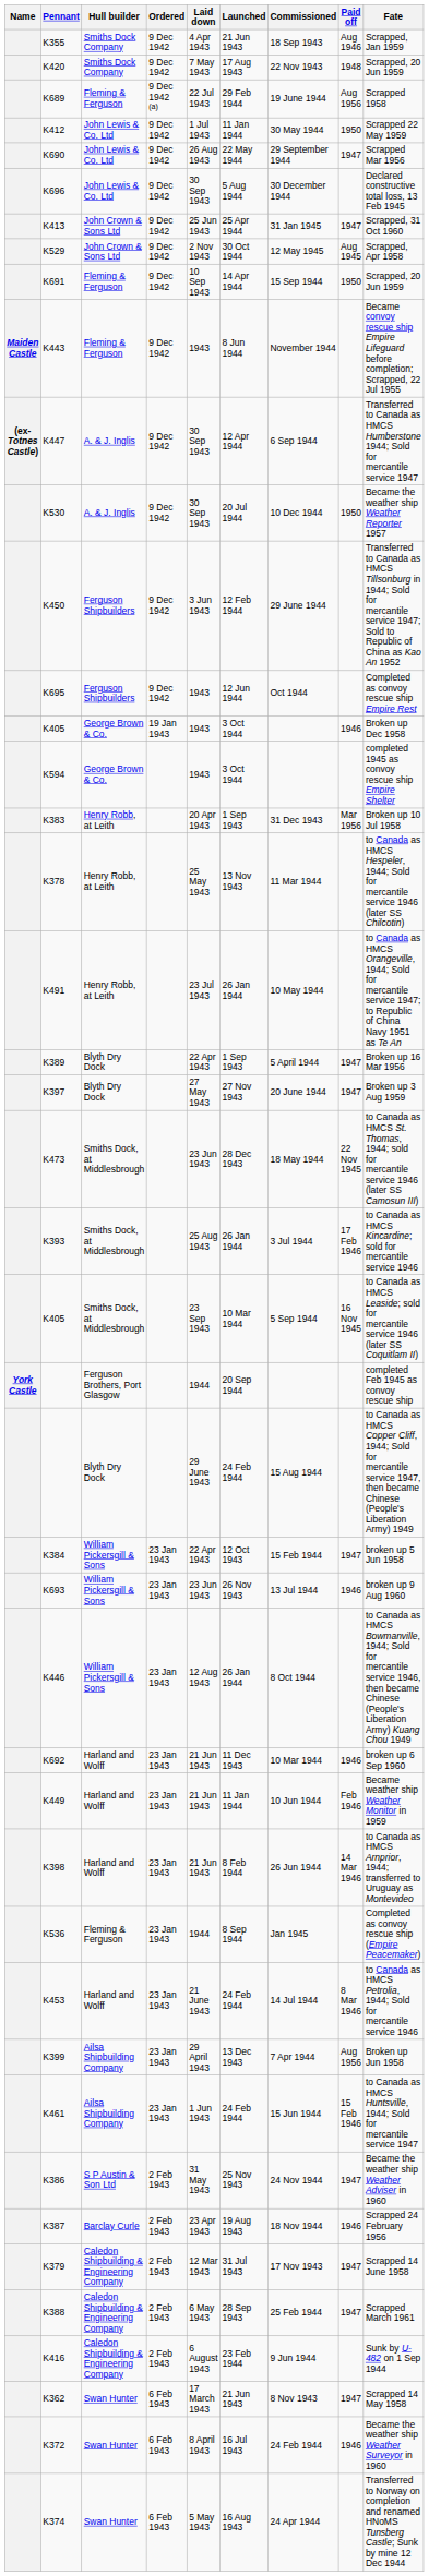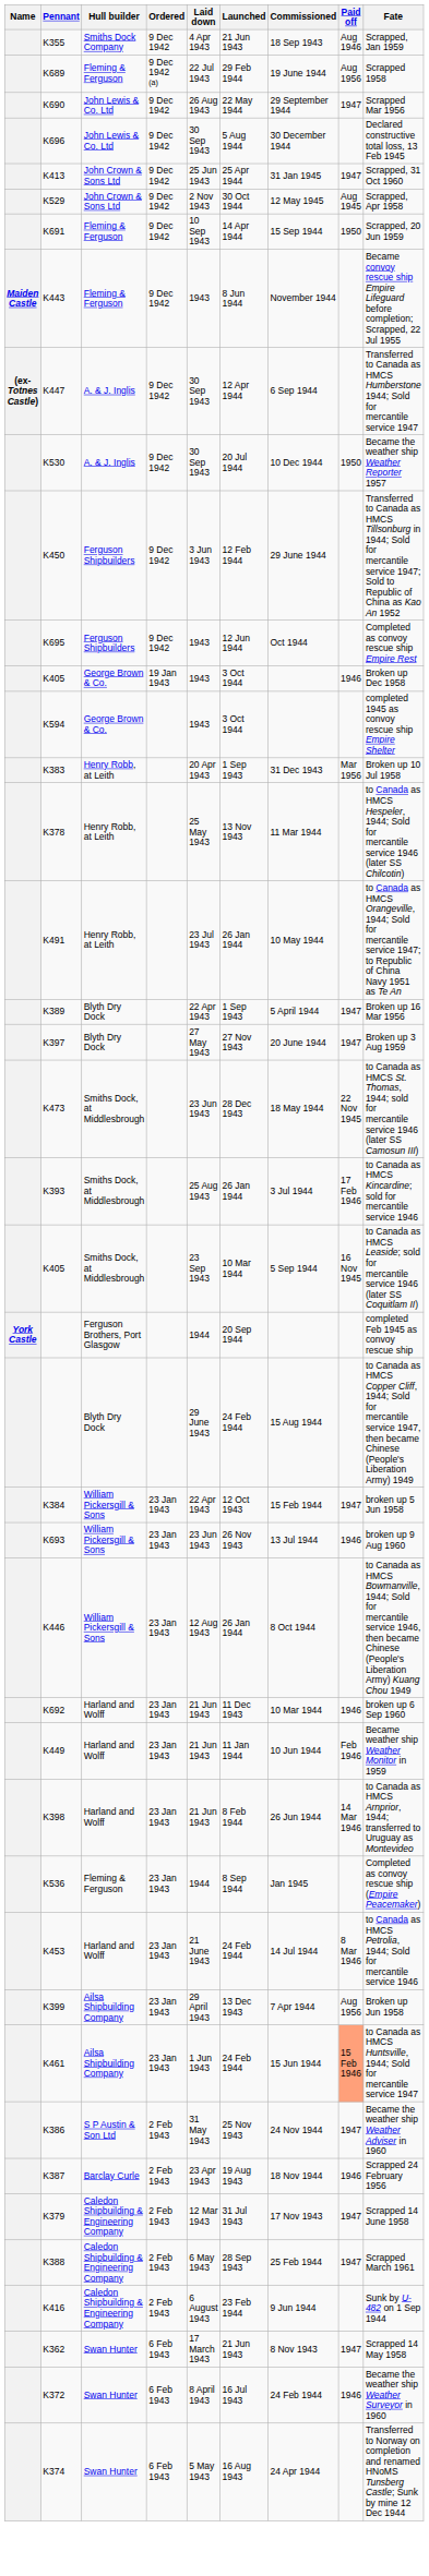 <table class="wikitable sortable plainrowheaders">
 <tr>
 <th scope="col">Name</th>
 <th scope="col"><a href='#'>Pennant</a></th>
 <th scope="col">Hull builder</th>
 <th scope="col">Ordered</th>
 <th scope="col">Laid down</th>
 <th scope="col">Launched</th>
 <th scope="col">Commissioned</th>
 <th scope="col"><a href='#'>Paid off</a></th>
 <th scope="col">Fate</th>
 </tr>
 <tr>
 <th scope="row"></th>
 <td>K355</td>
 <td><a href='#'>Smiths Dock Company</a></td>
 <td>9 Dec 1942</td>
 <td>4 Apr 1943</td>
 <td>21 Jun 1943</td>
 <td>18 Sep 1943</td>
 <td>Aug 1946</td>
 <td>Scrapped, Jan 1959</td>
 </tr>
 <tr>
 <th scope="row"></th>
-<td>K420</td>
-<td><a href='#'>Smiths Dock Company</a></td>
-<td>9 Dec 1942</td>
-<td>7 May 1943</td>
-<td>17 Aug 1943</td>
-<td>22 Nov 1943</td>
-<td>1948</td>
-<td>Scrapped, 20 Jun 1959</td>
-</tr>
-<tr>
-<th scope="row"></th>
 <td>K689</td>
 <td><a href='#'>Fleming & Ferguson</a></td>
 <td>9 Dec 1942<br><sup>(a)</sup></td>
 <td>22 Jul 1943</td>
 <td>29 Feb 1944</td>
 <td>19 June 1944</td>
 <td>Aug 1956</td>
 <td>Scrapped 1958</td>
-</tr>
-<tr>
-<th scope="row"></th>
-<td>K412</td>
-<td><a href='#'>John Lewis & Co. Ltd</a></td>
-<td>9 Dec 1942</td>
-<td>1 Jul 1943</td>
-<td>11 Jan 1944</td>
-<td>30 May 1944</td>
-<td>1950</td>
-<td>Scrapped 22 May 1959</td>
 </tr>
 <tr>
 <th scope="row"></th>
 <td>K690</td>
 <td><a href='#'>John Lewis & Co. Ltd</a></td>
 <td>9 Dec 1942</td>
 <td>26 Aug 1943</td>
 <td>22 May 1944</td>
 <td>29 September 1944</td>
 <td>1947</td>
 <td>Scrapped Mar 1956</td>
 </tr>
 <tr>
 <th scope="row"></th>
 <td>K696</td>
 <td><a href='#'>John Lewis & Co. Ltd</a></td>
 <td>9 Dec 1942</td>
 <td>30 Sep 1943</td>
 <td>5 Aug 1944</td>
 <td>30 December 1944</td>
 <td></td>
 <td>Declared constructive total loss, 13 Feb 1945</td>
 </tr>
 <tr>
 <th scope="row"></th>
 <td>K413</td>
 <td><a href='#'>John Crown & Sons Ltd</a></td>
 <td>9 Dec 1942</td>
 <td>25 Jun 1943</td>
 <td>25 Apr 1944</td>
 <td>31 Jan 1945</td>
 <td>1947</td>
 <td>Scrapped, 31 Oct 1960</td>
 </tr>
 <tr>
 <th scope="row"></th>
 <td>K529</td>
 <td><a href='#'>John Crown & Sons Ltd</a></td>
 <td>9 Dec 1942</td>
 <td>2 Nov 1943</td>
 <td>30 Oct 1944</td>
 <td>12 May 1945</td>
 <td>Aug 1945</td>
 <td>Scrapped, Apr 1958</td>
 </tr>
 <tr>
 <th scope="row"></th>
 <td>K691</td>
 <td><a href='#'>Fleming & Ferguson</a></td>
 <td>9 Dec 1942</td>
 <td>10 Sep 1943</td>
 <td>14 Apr 1944</td>
 <td>15 Sep 1944</td>
 <td>1950</td>
 <td>Scrapped, 20 Jun 1959</td>
 </tr>
 <tr>
 <th scope="row"><em><a href='#'>Maiden Castle</a></em></th>
 <td>K443</td>
 <td><a href='#'>Fleming & Ferguson</a></td>
 <td>9 Dec 1942</td>
 <td>1943</td>
 <td>8 Jun 1944</td>
 <td>November 1944</td>
 <td></td>
 <td>Became <a href='#'>convoy rescue ship</a> <em>Empire Lifeguard</em> before completion; Scrapped, 22 Jul 1955</td>
 </tr>
 <tr>
 <th scope="row"> (ex-<em>Totnes Castle</em>)</th>
 <td>K447</td>
 <td><a href='#'>A. & J. Inglis</a></td>
 <td>9 Dec 1942</td>
 <td>30 Sep 1943</td>
 <td>12 Apr 1944</td>
 <td>6 Sep 1944</td>
 <td></td>
 <td>Transferred to Canada as HMCS <em>Humberstone</em> 1944; Sold for mercantile service 1947</td>
 </tr>
 <tr>
 <th scope="row"></th>
 <td>K530</td>
 <td><a href='#'>A. & J. Inglis</a></td>
 <td>9 Dec 1942</td>
 <td>30 Sep 1943</td>
 <td>20 Jul 1944</td>
 <td>10 Dec 1944</td>
 <td>1950</td>
 <td>Became the weather ship <em><a href='#'>Weather Reporter</a></em> 1957</td>
 </tr>
 <tr>
 <th scope="row"></th>
 <td>K450</td>
 <td><a href='#'>Ferguson Shipbuilders</a></td>
 <td>9 Dec 1942</td>
 <td>3 Jun 1943</td>
 <td>12 Feb 1944</td>
 <td>29 June 1944</td>
 <td></td>
 <td>Transferred to Canada as HMCS <em>Tillsonburg</em> in 1944; Sold for mercantile service 1947; Sold to Republic of China as <em>Kao An</em> 1952</td>
 </tr>
 <tr>
 <th scope="row"></th>
 <td>K695</td>
 <td><a href='#'>Ferguson Shipbuilders</a></td>
 <td>9 Dec 1942</td>
 <td>1943</td>
 <td>12 Jun 1944</td>
 <td>Oct 1944</td>
 <td></td>
 <td>Completed as convoy rescue ship <em><a href='#'>Empire Rest</a></em></td>
 </tr>
 <tr>
 <th scope="row"></th>
 <td>K405</td>
 <td><a href='#'>George Brown & Co.</a></td>
 <td>19 Jan 1943</td>
 <td>1943</td>
 <td>3 Oct 1944</td>
 <td></td>
 <td>1946</td>
 <td>Broken up Dec 1958</td>
 </tr>
 <tr>
 <th scope="row"></th>
 <td>K594</td>
 <td><a href='#'>George Brown & Co.</a></td>
 <td></td>
 <td>1943</td>
 <td>3 Oct 1944</td>
 <td></td>
 <td></td>
 <td>completed 1945 as convoy rescue ship <em><a href='#'>Empire Shelter</a></em></td>
 </tr>
 <tr>
 <th scope="row"></th>
 <td>K383</td>
 <td><a href='#'>Henry Robb</a>, at Leith</td>
 <td></td>
 <td>20 Apr 1943</td>
 <td>1 Sep 1943</td>
 <td>31 Dec 1943</td>
 <td>Mar 1956</td>
 <td>Broken up 10 Jul 1958</td>
 </tr>
 <tr>
 <th scope="row"></th>
 <td>K378</td>
 <td>Henry Robb, at Leith</td>
 <td></td>
 <td>25 May 1943</td>
 <td>13 Nov 1943</td>
 <td>11 Mar 1944</td>
 <td></td>
 <td>to <a href='#'>Canada</a> as HMCS <em>Hespeler</em>, 1944; Sold for mercantile service 1946 (later SS <em>Chilcotin</em>)</td>
 </tr>
 <tr>
 <th scope="row"></th>
 <td>K491</td>
 <td>Henry Robb, at Leith</td>
 <td></td>
 <td>23 Jul 1943</td>
 <td>26 Jan 1944</td>
 <td>10 May 1944</td>
 <td></td>
 <td>to <a href='#'>Canada</a> as HMCS <em>Orangeville</em>, 1944; Sold for mercantile service 1947; to Republic of China Navy 1951 as <em>Te An</em></td>
 </tr>
 <tr>
 <th scope="row"></th>
 <td>K389</td>
 <td>Blyth Dry Dock</td>
 <td></td>
 <td>22 Apr 1943</td>
 <td>1 Sep 1943</td>
 <td>5 April 1944</td>
 <td>1947</td>
 <td>Broken up 16 Mar 1956</td>
 </tr>
 <tr>
 <th scope="row"></th>
 <td>K397</td>
 <td>Blyth Dry Dock</td>
 <td></td>
 <td>27 May 1943</td>
 <td>27 Nov 1943</td>
 <td>20 June 1944</td>
 <td>1947</td>
 <td>Broken up 3 Aug 1959</td>
 </tr>
 <tr>
 <th scope="row"></th>
 <td>K473</td>
 <td>Smiths Dock, at Middlesbrough</td>
 <td></td>
 <td>23 Jun 1943</td>
 <td>28 Dec 1943</td>
 <td>18 May 1944</td>
 <td>22 Nov 1945</td>
 <td>to Canada as HMCS <em>St. Thomas</em>, 1944; sold for mercantile service 1946 (later SS <em>Camosun III</em>)</td>
 </tr>
 <tr>
 <th scope="row"></th>
 <td>K393</td>
 <td>Smiths Dock, at Middlesbrough</td>
 <td></td>
 <td>25 Aug 1943</td>
 <td>26 Jan 1944</td>
 <td>3 Jul 1944</td>
 <td>17 Feb 1946</td>
 <td>to Canada as HMCS <em>Kincardine</em>; sold for mercantile service 1946</td>
 </tr>
 <tr>
 <th scope="row"></th>
 <td>K405</td>
 <td>Smiths Dock, at Middlesbrough</td>
 <td></td>
 <td>23 Sep 1943</td>
 <td>10 Mar 1944</td>
 <td>5 Sep 1944</td>
 <td>16 Nov 1945</td>
 <td>to Canada as HMCS <em>Leaside</em>; sold for mercantile service 1946 (later SS <em>Coquitlam II</em>)</td>
 </tr>
 <tr>
 <th scope="row"><a href='#'><em>York Castle</em></a></th>
 <td></td>
 <td>Ferguson Brothers, Port Glasgow</td>
 <td></td>
 <td>1944</td>
 <td>20 Sep 1944</td>
 <td></td>
 <td></td>
 <td>completed Feb 1945 as convoy rescue ship </td>
 </tr>
 <tr>
 <th scope="row"></th>
 <td></td>
 <td>Blyth Dry Dock</td>
 <td></td>
 <td>29 June 1943</td>
 <td>24 Feb 1944</td>
 <td>15 Aug 1944</td>
 <td></td>
 <td>to Canada as HMCS <em>Copper Cliff</em>, 1944; Sold for mercantile service 1947, then became Chinese (People's Liberation Army) 1949</td>
 </tr>
 <tr>
 <th scope="row"></th>
 <td>K384</td>
 <td><a href='#'>William Pickersgill & Sons</a></td>
 <td>23 Jan 1943</td>
 <td>22 Apr 1943</td>
 <td>12 Oct 1943</td>
 <td>15 Feb 1944</td>
 <td>1947</td>
 <td>broken up 5 Jun 1958</td>
 </tr>
 <tr>
 <th scope="row"></th>
 <td>K693</td>
 <td><a href='#'>William Pickersgill & Sons</a></td>
 <td>23 Jan 1943</td>
 <td>23 Jun 1943</td>
 <td>26 Nov 1943</td>
 <td>13 Jul 1944</td>
 <td>1946</td>
 <td>broken up 9 Aug 1960</td>
 </tr>
 <tr>
 <th scope="row"></th>
 <td>K446</td>
 <td><a href='#'>William Pickersgill & Sons</a></td>
 <td>23 Jan 1943</td>
 <td>12 Aug 1943</td>
 <td>26 Jan 1944</td>
 <td>8 Oct 1944</td>
 <td></td>
 <td>to Canada as HMCS <em>Bowmanville</em>, 1944; Sold for mercantile service 1946, then became Chinese (People's Liberation Army) <em>Kuang Chou</em> 1949</td>
 </tr>
 <tr>
 <th scope="row"></th>
 <td>K692</td>
 <td>Harland and Wolff</td>
 <td>23 Jan 1943</td>
 <td>21 Jun 1943</td>
 <td>11 Dec 1943</td>
 <td>10 Mar 1944</td>
 <td>1946</td>
 <td>broken up 6 Sep 1960</td>
 </tr>
 <tr>
 <th scope="row"></th>
 <td>K449</td>
 <td>Harland and Wolff</td>
 <td>23 Jan 1943</td>
 <td>21 Jun 1943</td>
 <td>11 Jan 1944</td>
 <td>10 Jun 1944</td>
 <td>Feb 1946</td>
 <td>Became weather ship <em><a href='#'>Weather Monitor</a></em> in 1959</td>
 </tr>
 <tr>
 <th scope="row"></th>
 <td>K398</td>
 <td>Harland and Wolff</td>
 <td>23 Jan 1943</td>
 <td>21 Jun 1943</td>
 <td>8 Feb 1944</td>
 <td>26 Jun 1944</td>
 <td>14 Mar 1946</td>
 <td>to Canada as HMCS <em>Arnprior</em>, 1944; transferred to Uruguay as <em>Montevideo</em></td>
 </tr>
 <tr>
 <th scope="row"></th>
 <td>K536</td>
 <td>Fleming & Ferguson</td>
 <td>23 Jan 1943</td>
 <td>1944</td>
 <td>8 Sep 1944</td>
 <td>Jan 1945</td>
 <td></td>
 <td>Completed as convoy rescue ship (<em><a href='#'>Empire Peacemaker</a></em>)</td>
 </tr>
 <tr>
 <th scope="row"></th>
 <td>K453</td>
 <td>Harland and Wolff</td>
 <td>23 Jan 1943</td>
 <td>21 June 1943</td>
 <td>24 Feb 1944</td>
 <td>14 Jul 1944</td>
 <td>8 Mar 1946</td>
 <td>to <a href='#'>Canada</a> as HMCS <em>Petrolia</em>, 1944; Sold for mercantile service 1946</td>
 </tr>
 <tr>
 <th scope="row"></th>
 <td>K399</td>
 <td><a href='#'>Ailsa Shipbuilding Company</a></td>
 <td>23 Jan 1943</td>
 <td>29 April 1943</td>
 <td>13 Dec 1943</td>
 <td>7 Apr 1944</td>
 <td>Aug 1956</td>
 <td>Broken up Jun 1958</td>
 </tr>
 <tr>
 <th scope="row"></th>
 <td>K461</td>
 <td><a href='#'>Ailsa Shipbuilding Company</a></td>
 <td>23 Jan 1943</td>
 <td>1 Jun 1943</td>
 <td>24 Feb 1944</td>
 <td>15 Jun 1944</td>
-<td>15 Feb 1946</td>
+<td style="background: lightsalmon;">15 Feb 1946</td>
 <td>to Canada as HMCS <em>Huntsville</em>, 1944; Sold for mercantile service 1947</td>
 </tr>
 <tr>
 <th scope="row"></th>
 <td>K386</td>
 <td><a href='#'>S P Austin & Son Ltd</a></td>
 <td>2 Feb 1943</td>
 <td>31 May 1943</td>
 <td>25 Nov 1943</td>
 <td>24 Nov 1944</td>
 <td>1947</td>
 <td>Became the weather ship <em><a href='#'>Weather Adviser</a></em> in 1960</td>
 </tr>
 <tr>
 <th scope="row"></th>
 <td>K387</td>
 <td><a href='#'>Barclay Curle</a></td>
 <td>2 Feb 1943</td>
 <td>23 Apr 1943</td>
 <td>19 Aug 1943</td>
 <td>18 Nov 1944</td>
 <td>1946</td>
 <td>Scrapped 24 February 1956</td>
 </tr>
 <tr>
 <th scope="row"></th>
 <td>K379</td>
 <td><a href='#'>Caledon Shipbuilding & Engineering Company</a></td>
 <td>2 Feb 1943</td>
 <td>12 Mar 1943</td>
 <td>31 Jul 1943</td>
 <td>17 Nov 1943</td>
 <td>1947</td>
 <td>Scrapped 14 June 1958</td>
 </tr>
 <tr>
 <th scope="row"></th>
 <td>K388</td>
 <td><a href='#'>Caledon Shipbuilding & Engineering Company</a></td>
 <td>2 Feb 1943</td>
 <td>6 May 1943</td>
 <td>28 Sep 1943</td>
 <td>25 Feb 1944</td>
 <td>1947</td>
 <td>Scrapped March 1961</td>
 </tr>
 <tr>
 <th scope="row"></th>
 <td>K416</td>
 <td><a href='#'>Caledon Shipbuilding & Engineering Company</a></td>
 <td>2 Feb 1943</td>
 <td>6 August 1943</td>
 <td>23 Feb 1944</td>
 <td>9 Jun 1944</td>
 <td></td>
 <td>Sunk by <a href='#'><em>U-482</em></a> on 1 Sep 1944</td>
 </tr>
 <tr>
 <th scope="row"></th>
 <td>K362</td>
 <td><a href='#'>Swan Hunter</a></td>
 <td>6 Feb 1943</td>
 <td>17 March 1943</td>
 <td>21 Jun 1943</td>
 <td>8 Nov 1943</td>
 <td>1947</td>
 <td>Scrapped 14 May 1958</td>
 </tr>
 <tr>
 <th scope="row"></th>
 <td>K372</td>
 <td><a href='#'>Swan Hunter</a></td>
 <td>6 Feb 1943</td>
 <td>8 April 1943</td>
 <td>16 Jul 1943</td>
 <td>24 Feb 1944</td>
 <td>1946</td>
 <td>Became the weather ship <em><a href='#'>Weather Surveyor</a></em> in 1960</td>
 </tr>
 <tr>
 <th scope="row"></th>
 <td>K374</td>
 <td><a href='#'>Swan Hunter</a></td>
 <td>6 Feb 1943</td>
 <td>5 May 1943</td>
 <td>16 Aug 1943</td>
 <td>24 Apr 1944</td>
 <td></td>
 <td>Transferred to Norway on completion and renamed HNoMS <em>Tunsberg Castle</em>; Sunk by mine 12 Dec 1944</td>
 </tr>
 </table>
